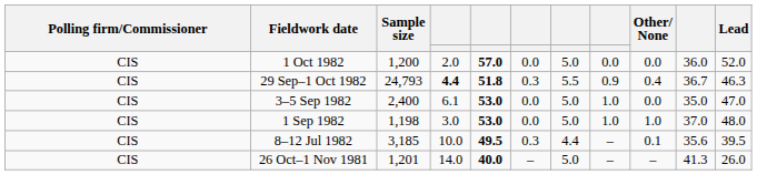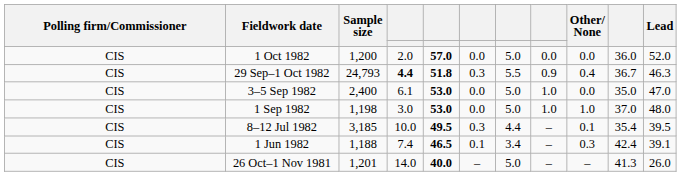 <table class="wikitable collapsible collapsed" style="text-align:center; font-size:90%; line-height:14px;">
 <tr style="height:42px;">
 <th style="width:250px;" rowspan="2">Polling firm/Commissioner</th>
 <th style="width:125px;" rowspan="2">Fieldwork date</th>
 <th style="width:50px;" rowspan="2">Sample size</th>
 <th style="width:35px;"></th>
 <th style="width:35px;"></th>
 <th style="width:35px;"></th>
 <th style="width:35px;"></th>
 <th style="width:35px;"></th>
 <th style="width:35px;" rowspan="2">Other/<br>None</th>
 <th style="width:35px;" rowspan="2"></th>
 <th style="width:30px;" rowspan="2">Lead</th>
 </tr>
 <tr>
 <th style="color:inherit;background:"></th>
 <th style="color:inherit;background:"></th>
 <th style="color:inherit;background:"></th>
 <th style="color:inherit;background:"></th>
 <th style="color:inherit;background:"></th>
 </tr>
 <tr>
 <td>CIS</td>
 <td>1 Oct 1982</td>
 <td>1,200</td>
 <td>2.0</td>
 <td><strong>57.0</strong></td>
 <td>0.0</td>
 <td>5.0</td>
 <td>0.0</td>
 <td>0.0</td>
 <td>36.0</td>
 <td style="background:">52.0</td>
 </tr>
 <tr>
 <td>CIS</td>
 <td>29 Sep–1 Oct 1982</td>
 <td>24,793</td>
 <td><strong>4.4</strong></td>
 <td><strong>51.8</strong></td>
 <td>0.3</td>
 <td>5.5</td>
 <td>0.9</td>
 <td>0.4</td>
 <td>36.7</td>
 <td style="background:">46.3</td>
 </tr>
 <tr>
 <td>CIS</td>
 <td>3–5 Sep 1982</td>
 <td>2,400</td>
 <td>6.1</td>
 <td><strong>53.0</strong></td>
 <td>0.0</td>
 <td>5.0</td>
 <td>1.0</td>
 <td>0.0</td>
 <td>35.0</td>
 <td style="background:">47.0</td>
 </tr>
 <tr>
 <td>CIS</td>
 <td>1 Sep 1982</td>
 <td>1,198</td>
 <td>3.0</td>
 <td><strong>53.0</strong></td>
 <td>0.0</td>
 <td>5.0</td>
 <td>1.0</td>
 <td>1.0</td>
 <td>37.0</td>
 <td style="background:">48.0</td>
 </tr>
 <tr>
 <td>CIS</td>
 <td>8–12 Jul 1982</td>
 <td>3,185</td>
 <td>10.0</td>
 <td><strong>49.5</strong></td>
 <td>0.3</td>
 <td>4.4</td>
 <td>–</td>
 <td>0.1</td>
-<td>35.6</td>
+<td>35.4</td>
 <td style="background:">39.5</td>
+</tr>
+<tr>
+<td>CIS</td>
+<td>1 Jun 1982</td>
+<td>1,188</td>
+<td>7.4</td>
+<td><strong>46.5</strong></td>
+<td>0.1</td>
+<td>3.4</td>
+<td>–</td>
+<td>0.3</td>
+<td>42.4</td>
+<td style="background:">39.1</td>
 </tr>
 <tr>
 <td>CIS</td>
 <td>26 Oct–1 Nov 1981</td>
 <td>1,201</td>
 <td>14.0</td>
 <td><strong>40.0</strong></td>
 <td>–</td>
 <td>5.0</td>
 <td>–</td>
 <td>–</td>
 <td>41.3</td>
 <td style="background:">26.0</td>
 </tr>
 </table>
